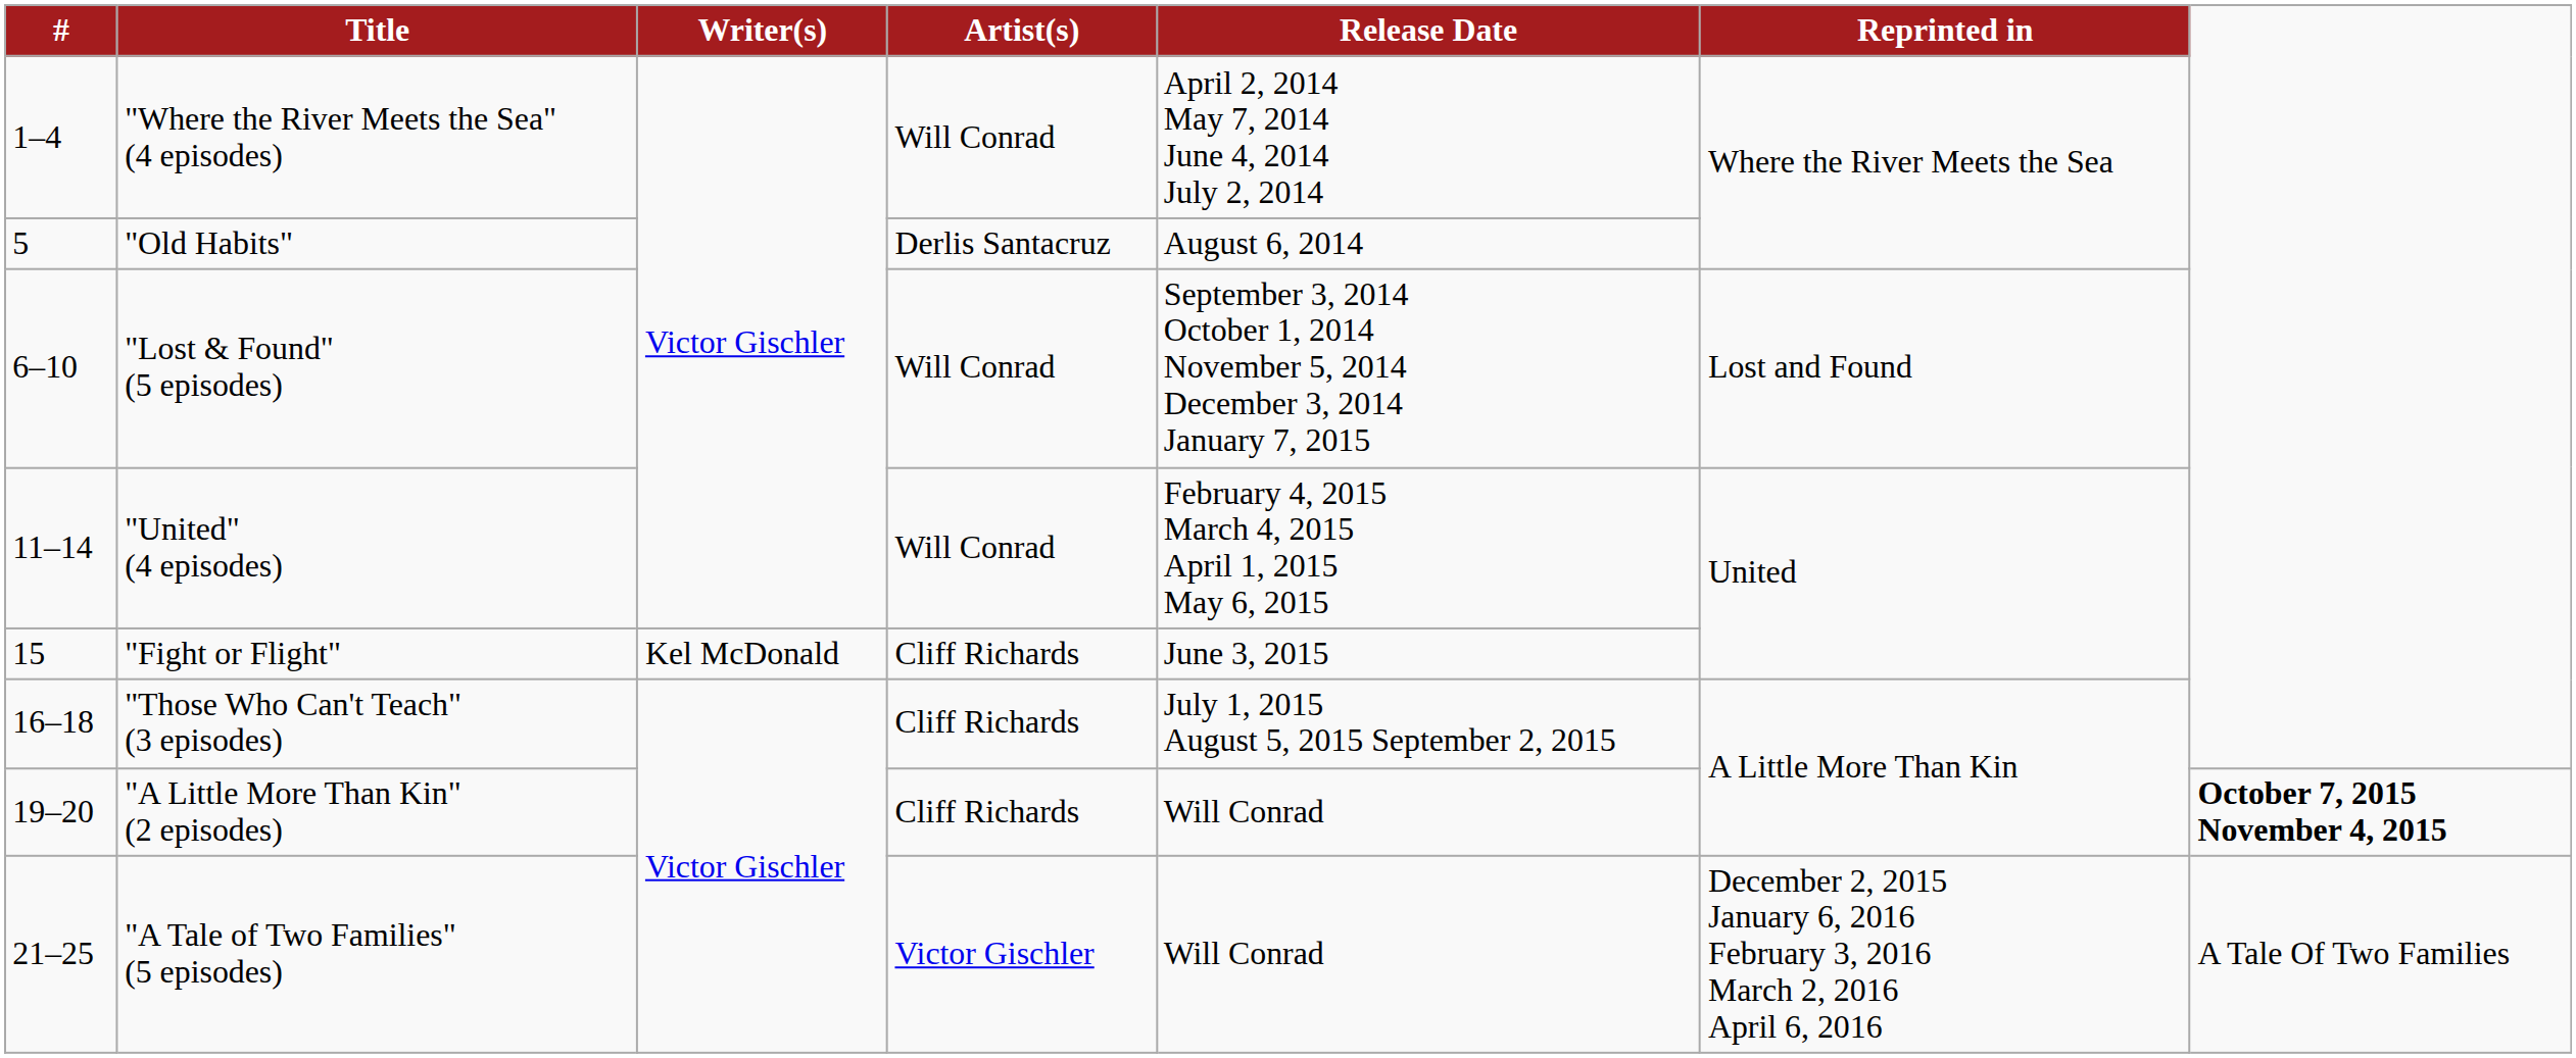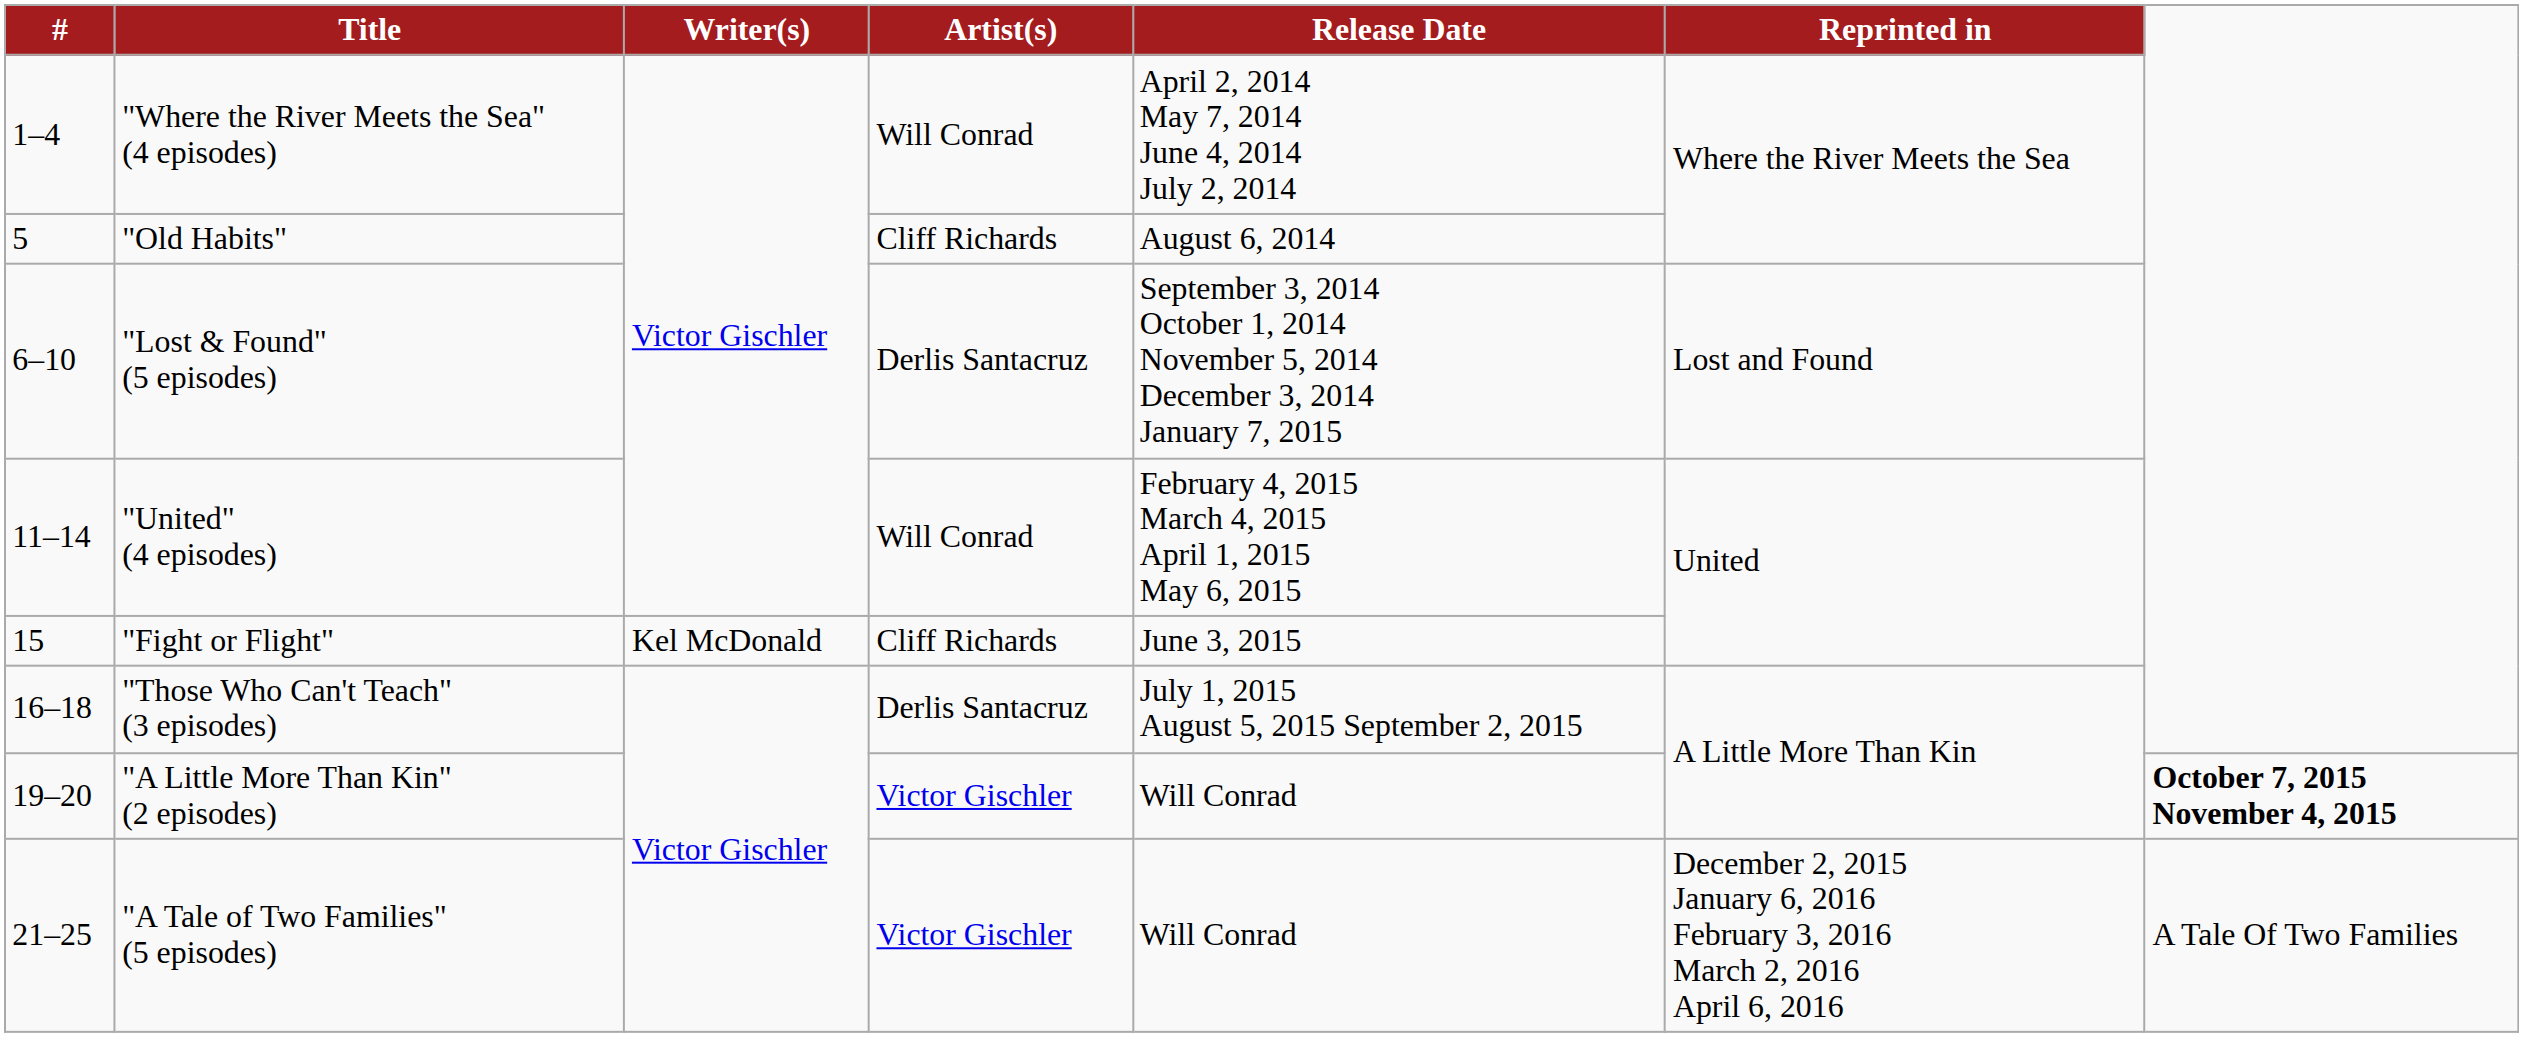 <table style="width: 100%;" class="wikitable">
 <tr>
 <th style="background: #A41C1E; color: white;">#</th>
 <th style="background: #A41C1E; color: white;">Title</th>
 <th style="background: #A41C1E; color: white;">Writer(s)</th>
 <th style="background: #A41C1E; color: white;">Artist(s)</th>
 <th style="background: #A41C1E; color: white;">Release Date</th>
 <th style="background: #A41C1E; color: white;">Reprinted in</th>
 </tr>
 <tr>
 <td>1–4</td>
 <td>"Where the River Meets the Sea"<br>(4 episodes)</td>
 <td rowspan="4"><a href='#'>Victor Gischler</a></td>
 <td>Will Conrad</td>
 <td>April 2, 2014<br>May 7, 2014<br>June 4, 2014<br>July 2, 2014</td>
 <td rowspan="2">Where the River Meets the Sea</td>
 </tr>
 <tr>
 <td>5</td>
 <td>"Old Habits"</td>
-<td>Derlis Santacruz</td>
+<td>Cliff Richards</td>
 <td>August 6, 2014</td>
 </tr>
 <tr>
 <td>6–10</td>
 <td>"Lost & Found"<br>(5 episodes)</td>
-<td>Will Conrad</td>
+<td>Derlis Santacruz</td>
 <td>September 3, 2014<br>October 1, 2014<br>November 5, 2014<br>December 3, 2014<br>January 7, 2015</td>
 <td>Lost and Found</td>
 </tr>
 <tr>
 <td>11–14</td>
 <td>"United"<br>(4 episodes)</td>
 <td>Will Conrad</td>
 <td>February 4, 2015<br>March 4, 2015<br>April 1, 2015<br>May 6, 2015</td>
 <td rowspan="2">United</td>
 </tr>
 <tr>
 <td>15</td>
 <td>"Fight or Flight"</td>
 <td>Kel McDonald</td>
 <td>Cliff Richards</td>
 <td>June 3, 2015</td>
 </tr>
 <tr>
 <td>16–18</td>
 <td>"Those Who Can't Teach"<br>(3 episodes)</td>
 <td rowspan="3"><a href='#'>Victor Gischler</a></td>
-<td>Cliff Richards</td>
+<td>Derlis Santacruz</td>
 <td>July 1, 2015<br>August 5, 2015 September 2, 2015</td>
 <td rowspan="2">A Little More Than Kin</td>
 </tr>
 <tr>
 <td>19–20</td>
 <td>"A Little More Than Kin"<br>(2 episodes)</td>
-<td>Cliff Richards</td>
+<td><a href='#'>Victor Gischler</a></td>
 <td>Will Conrad</td>
 <td><strong>October 7, 2015<br>November 4, 2015</strong></td>
 </tr>
 <tr>
 <td>21–25</td>
 <td>"A Tale of Two Families"<br>(5 episodes)</td>
 <td><a href='#'>Victor Gischler</a></td>
 <td>Will Conrad</td>
 <td>December 2, 2015<br>January 6, 2016<br>February 3, 2016<br>March 2, 2016<br>April 6, 2016</td>
 <td>A Tale Of Two Families</td>
 </tr>
 </table>
